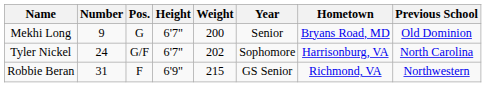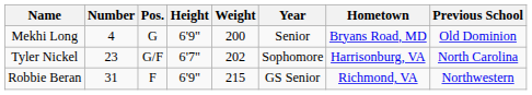 <table class="wikitable sortable" style="text-align:center;">
 <tr align=center>
 <th>Name</th>
 <th>Number</th>
 <th>Pos.</th>
 <th>Height</th>
 <th>Weight</th>
 <th>Year</th>
 <th>Hometown</th>
 <th>Previous School</th>
 </tr>
 <tr>
 <td>Mekhi Long</td>
-<td>9</td>
+<td>4</td>
 <td>G</td>
-<td>6'7"</td>
+<td>6'9"</td>
 <td>200</td>
 <td>Senior</td>
 <td><a href='#'>Bryans Road, MD</a></td>
 <td><a href='#'>Old Dominion</a></td>
 </tr>
 <tr>
 <td>Tyler Nickel</td>
-<td>24</td>
+<td>23</td>
 <td>G/F</td>
 <td>6'7"</td>
 <td>202</td>
 <td>Sophomore</td>
 <td><a href='#'>Harrisonburg, VA</a></td>
 <td><a href='#'>North Carolina</a></td>
 </tr>
 <tr>
 <td>Robbie Beran</td>
 <td>31</td>
 <td>F</td>
 <td>6'9"</td>
 <td>215</td>
 <td>GS Senior</td>
 <td><a href='#'>Richmond, VA</a></td>
 <td><a href='#'>Northwestern</a></td>
 </tr>
 </table>
